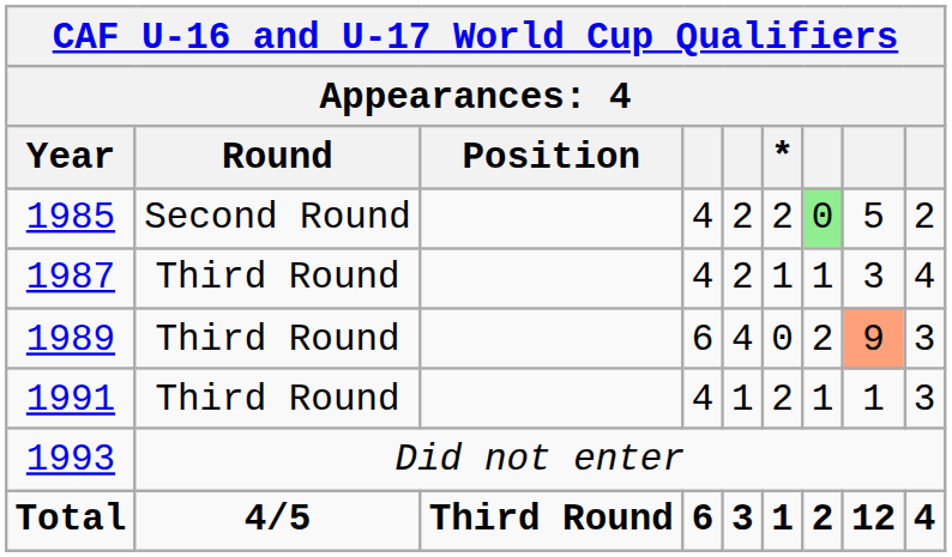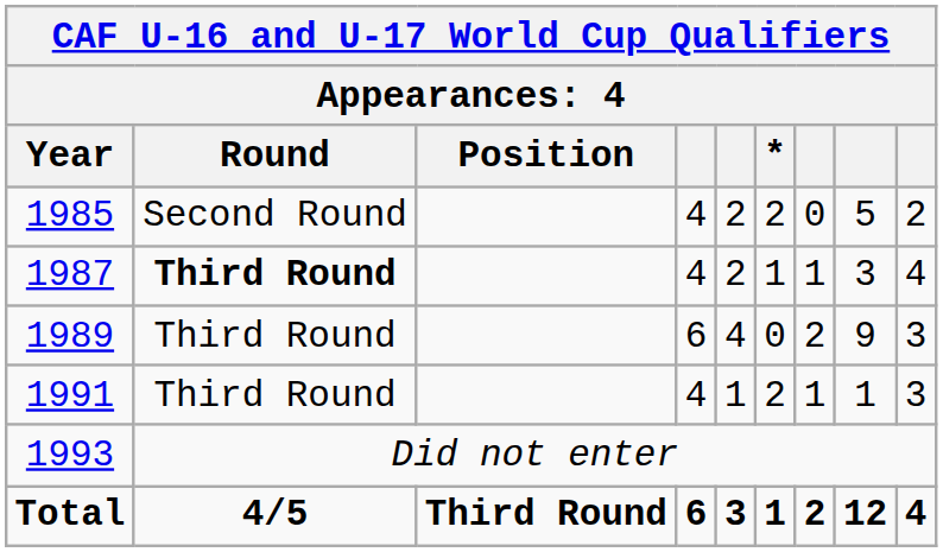 <table class="wikitable" style="text-align: center;">
 <tr>
 <th colspan=9><a href='#'>CAF U-16 and U-17 World Cup Qualifiers</a></th>
 </tr>
 <tr>
 <th colspan=9>Appearances: 4</th>
 </tr>
 <tr>
 <th>Year</th>
 <th>Round</th>
 <th>Position</th>
 <th></th>
 <th></th>
 <th>*</th>
 <th></th>
 <th></th>
 <th></th>
 </tr>
 <tr>
 <td><a href='#'>1985</a></td>
 <td>Second Round</td>
 <td></td>
 <td>4</td>
 <td>2</td>
 <td>2</td>
-<td style="background: lightgreen;">0</td>
+<td>0</td>
 <td>5</td>
 <td>2</td>
 </tr>
 <tr>
 <td><a href='#'>1987</a></td>
-<td>Third Round</td>
+<td><strong>Third Round</strong></td>
 <td></td>
 <td>4</td>
 <td>2</td>
 <td>1</td>
 <td>1</td>
 <td>3</td>
 <td>4</td>
 </tr>
 <tr>
 <td><a href='#'>1989</a></td>
 <td>Third Round</td>
 <td></td>
 <td>6</td>
 <td>4</td>
 <td>0</td>
 <td>2</td>
-<td style="background: lightsalmon;">9</td>
+<td>9</td>
 <td>3</td>
 </tr>
 <tr>
 <td><a href='#'>1991</a></td>
 <td>Third Round</td>
 <td></td>
 <td>4</td>
 <td>1</td>
 <td>2</td>
 <td>1</td>
 <td>1</td>
 <td>3</td>
 </tr>
 <tr>
 <td><a href='#'>1993</a></td>
 <td colspan=8 rowspan=1><em>Did not enter</em></td>
 </tr>
 <tr>
 <td><strong>Total</strong></td>
 <td><strong>4/5</strong></td>
 <td><strong>Third Round</strong></td>
 <td><strong>6</strong></td>
 <td><strong>3</strong></td>
 <td><strong>1</strong></td>
 <td><strong>2</strong></td>
 <td><strong>12</strong></td>
 <td><strong>4</strong></td>
 </tr>
 </table>
